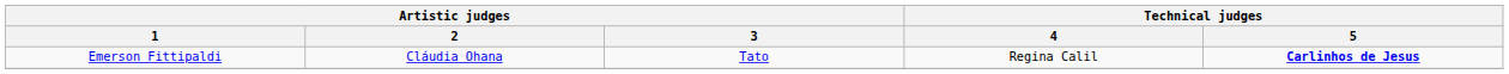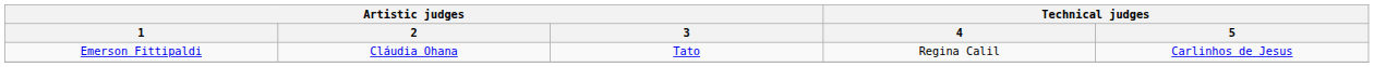 <table class="wikitable" style="font-size:100%; line-height:16px; text-align:center" width="100%">
 <tr>
 <th colspan=3>Artistic judges</th>
 <th colspan=2>Technical judges</th>
 </tr>
 <tr>
 <th>1</th>
 <th>2</th>
 <th>3</th>
 <th>4</th>
 <th>5</th>
 </tr>
 <tr>
 <td width=150><a href='#'>Emerson Fittipaldi</a></td>
 <td width=150><a href='#'>Cláudia Ohana</a></td>
 <td width=150><a href='#'>Tato</a></td>
 <td width=150>Regina Calil</td>
-<td width=150><strong><a href='#'>Carlinhos de Jesus</a></strong></td>
+<td width=150><a href='#'>Carlinhos de Jesus</a></td>
 </tr>
 <tr>
 </tr>
 </table>
